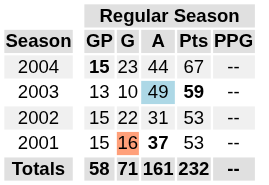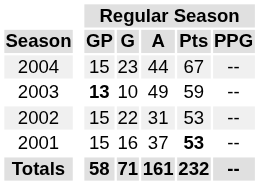 <table style="text-align: center;">
 <tr>
 <th colspan="1" style="background: #ffffff"> </th>
 <th rowspan="9" style="background: #ffffff"> </th>
 <th colspan="7" style="background: #e0e0e0">Regular Season</th>
 <th rowspan="9" style="background: #ffffff"> </th>
 </tr>
 <tr style="background: #e0e0e0">
 <th>Season</th>
 <th>GP</th>
 <th>G</th>
 <th>A</th>
 <th>Pts</th>
 <th>PPG</th>
 </tr>
 <tr style="background: #f0f0f0">
 <td>2004</td>
-<td><strong>15</strong></td>
+<td>15</td>
 <td>23</td>
 <td>44</td>
 <td>67</td>
 <td>--</td>
 </tr>
 <tr>
 <td>2003</td>
-<td>13</td>
+<td><strong>13</strong></td>
 <td>10</td>
-<td style="background: lightblue;">49</td>
-<td><strong>59</strong></td>
+<td>49</td>
+<td>59</td>
 <td>--</td>
 </tr>
 <tr style="background: #f0f0f0">
 <td>2002</td>
 <td>15</td>
 <td>22</td>
 <td>31</td>
 <td>53</td>
 <td>--</td>
 </tr>
 <tr>
 <td>2001</td>
 <td>15</td>
-<td style="background: lightsalmon;">16</td>
-<td><strong>37</strong></td>
-<td>53</td>
+<td>16</td>
+<td>37</td>
+<td><strong>53</strong></td>
 <td>--</td>
 </tr>
 <tr style="background: #e0e0e0">
 <th>Totals</th>
 <th>58</th>
 <th>71</th>
 <th>161</th>
 <th>232</th>
 <th>--</th>
 </tr>
 </table>
